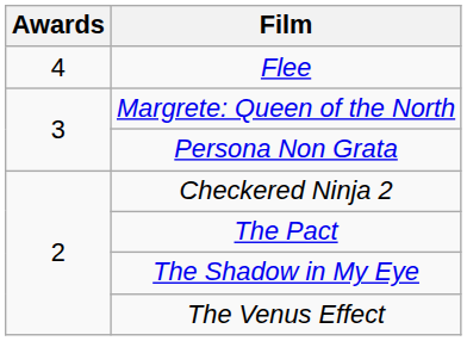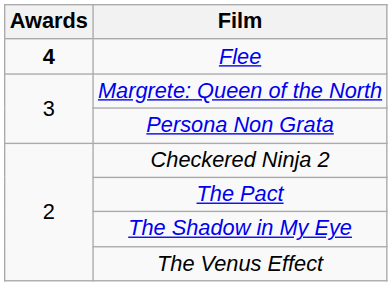 <table class="wikitable plainrowheaders" rowspan=2 style="text-align: center;" border="2" background: #f6e39c;>
 <tr>
 <th scope="col" style="width:55px;">Awards</th>
 <th scope="col" style="text-align:center;">Film</th>
 </tr>
 <tr>
-<td>4</td>
+<td><strong>4</strong></td>
 <td><em><a href='#'>Flee</a></em></td>
 </tr>
 <tr>
 <td rowspan="2">3</td>
 <td><em><a href='#'>Margrete: Queen of the North</a></em></td>
 </tr>
 <tr>
 <td><em><a href='#'>Persona Non Grata</a></em></td>
 </tr>
 <tr>
 <td rowspan="4">2</td>
 <td><em>Checkered Ninja 2</em></td>
 </tr>
 <tr>
 <td><em><a href='#'>The Pact</a></em></td>
 </tr>
 <tr>
 <td><em><a href='#'>The Shadow in My Eye</a></em></td>
 </tr>
 <tr>
 <td><em>The Venus Effect</em></td>
 </tr>
 </table>
